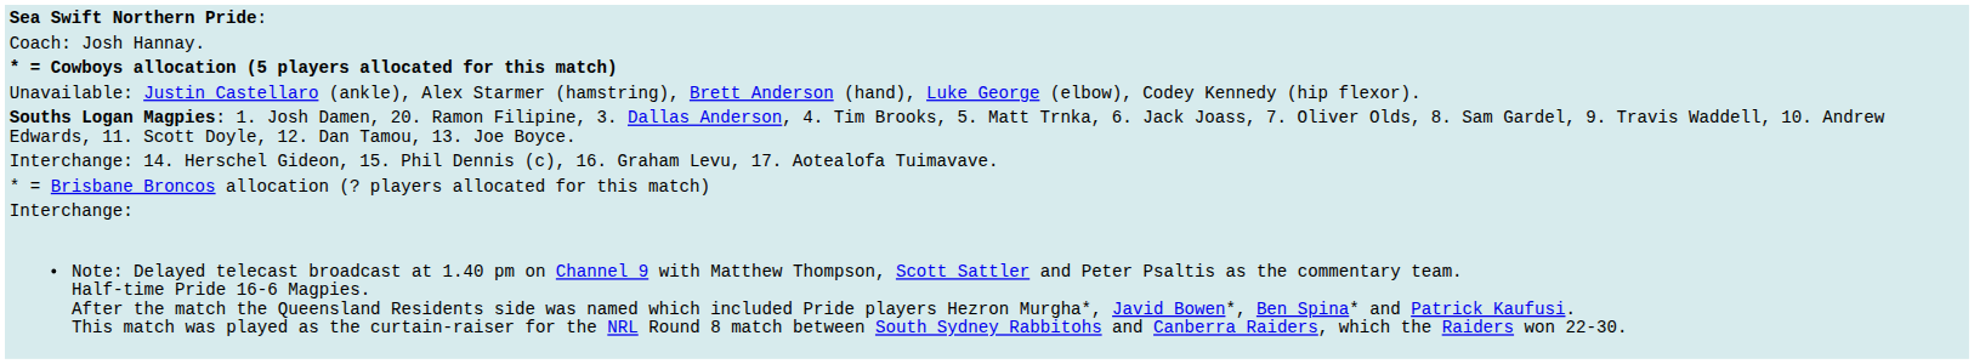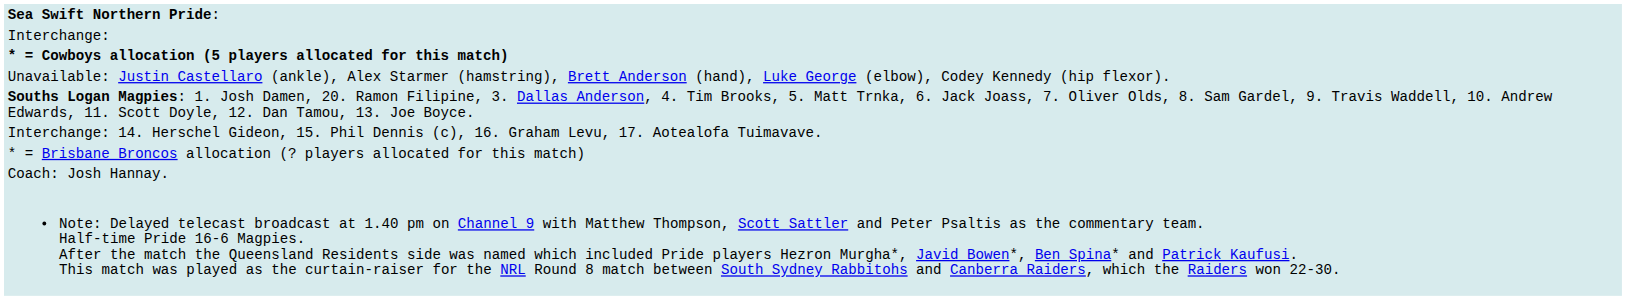 <table style="background:#d7ebed; font-size:85%; width:100%;">
 <tr>
 <td><strong>Sea Swift Northern Pride</strong>:             </td>
 </tr>
 <tr>
-<td>Coach: Josh Hannay.</td>
+<td>Interchange:    </td>
 </tr>
 <tr>
 <td><strong>* = Cowboys allocation (5 players allocated for this match)</strong></td>
 </tr>
 <tr>
 <td>Unavailable: <a href='#'>Justin Castellaro</a> (ankle), Alex Starmer (hamstring), <a href='#'>Brett Anderson</a> (hand), <a href='#'>Luke George</a> (elbow), Codey Kennedy (hip flexor).</td>
 </tr>
 <tr>
 <td><strong>Souths Logan Magpies</strong>: 1. Josh Damen, 20. Ramon Filipine, 3. <a href='#'>Dallas Anderson</a>, 4. Tim Brooks, 5. Matt Trnka, 6. Jack Joass, 7. Oliver Olds, 8. Sam Gardel, 9. Travis Waddell, 10. Andrew Edwards, 11. Scott Doyle, 12. Dan Tamou, 13. Joe Boyce.</td>
 </tr>
 <tr>
 <td>Interchange: 14. Herschel Gideon, 15. Phil Dennis (c), 16. Graham Levu, 17. Aotealofa Tuimavave.</td>
 </tr>
 <tr>
 <td>* = <a href='#'>Brisbane Broncos</a> allocation (? players allocated for this match)</td>
 </tr>
 <tr>
-<td>Interchange:    </td>
+<td>Coach: Josh Hannay.</td>
 </tr>
 <tr>
 <td><br><ul><li>Note: Delayed telecast broadcast at 1.40 pm on <a href='#'>Channel 9</a> with Matthew Thompson, <a href='#'>Scott Sattler</a> and Peter Psaltis as the commentary team.<br>Half-time Pride 16-6 Magpies.<br>After the match the Queensland Residents side was named which included Pride players Hezron Murgha*, <a href='#'>Javid Bowen</a>*, <a href='#'>Ben Spina</a>* and <a href='#'>Patrick Kaufusi</a>.<br>This match was played as the curtain-raiser for the <a href='#'>NRL</a> Round 8 match between <a href='#'>South Sydney Rabbitohs</a> and <a href='#'>Canberra Raiders</a>, which the <a href='#'>Raiders</a> won 22-30.</li></ul></td>
 </tr>
 </table>
